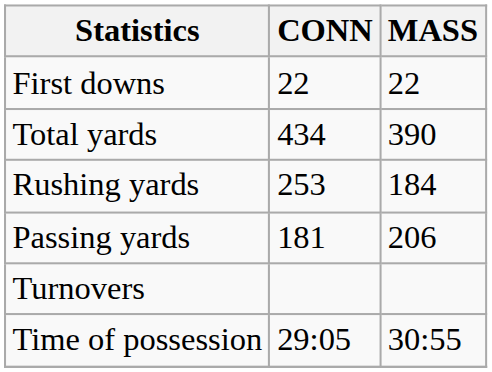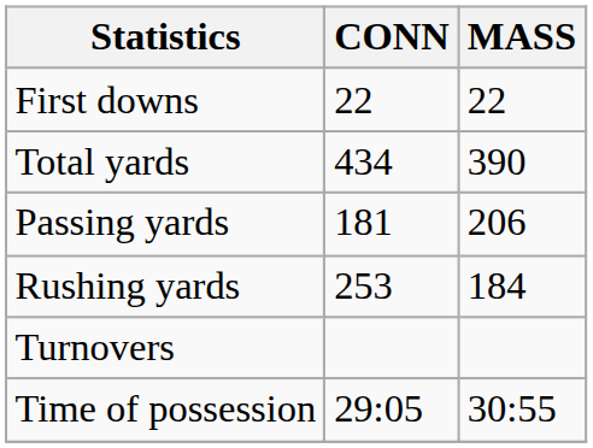 <table class="wikitable" style="float: left;">
 <tr>
 <th>Statistics</th>
 <th>CONN</th>
 <th>MASS</th>
 </tr>
 <tr>
 <td>First downs</td>
 <td>22</td>
 <td>22</td>
 </tr>
 <tr>
 <td>Total yards</td>
 <td>434</td>
 <td>390</td>
 </tr>
 <tr>
+<td>Passing yards</td>
+<td>181</td>
+<td>206</td>
+</tr>
+<tr>
 <td>Rushing yards</td>
 <td>253</td>
 <td>184</td>
-</tr>
-<tr>
-<td>Passing yards</td>
-<td>181</td>
-<td>206</td>
 </tr>
 <tr>
 <td>Turnovers</td>
 <td></td>
 <td></td>
 </tr>
 <tr>
 <td>Time of possession</td>
 <td>29:05</td>
 <td>30:55</td>
 </tr>
 <tr>
 </tr>
 </table>
